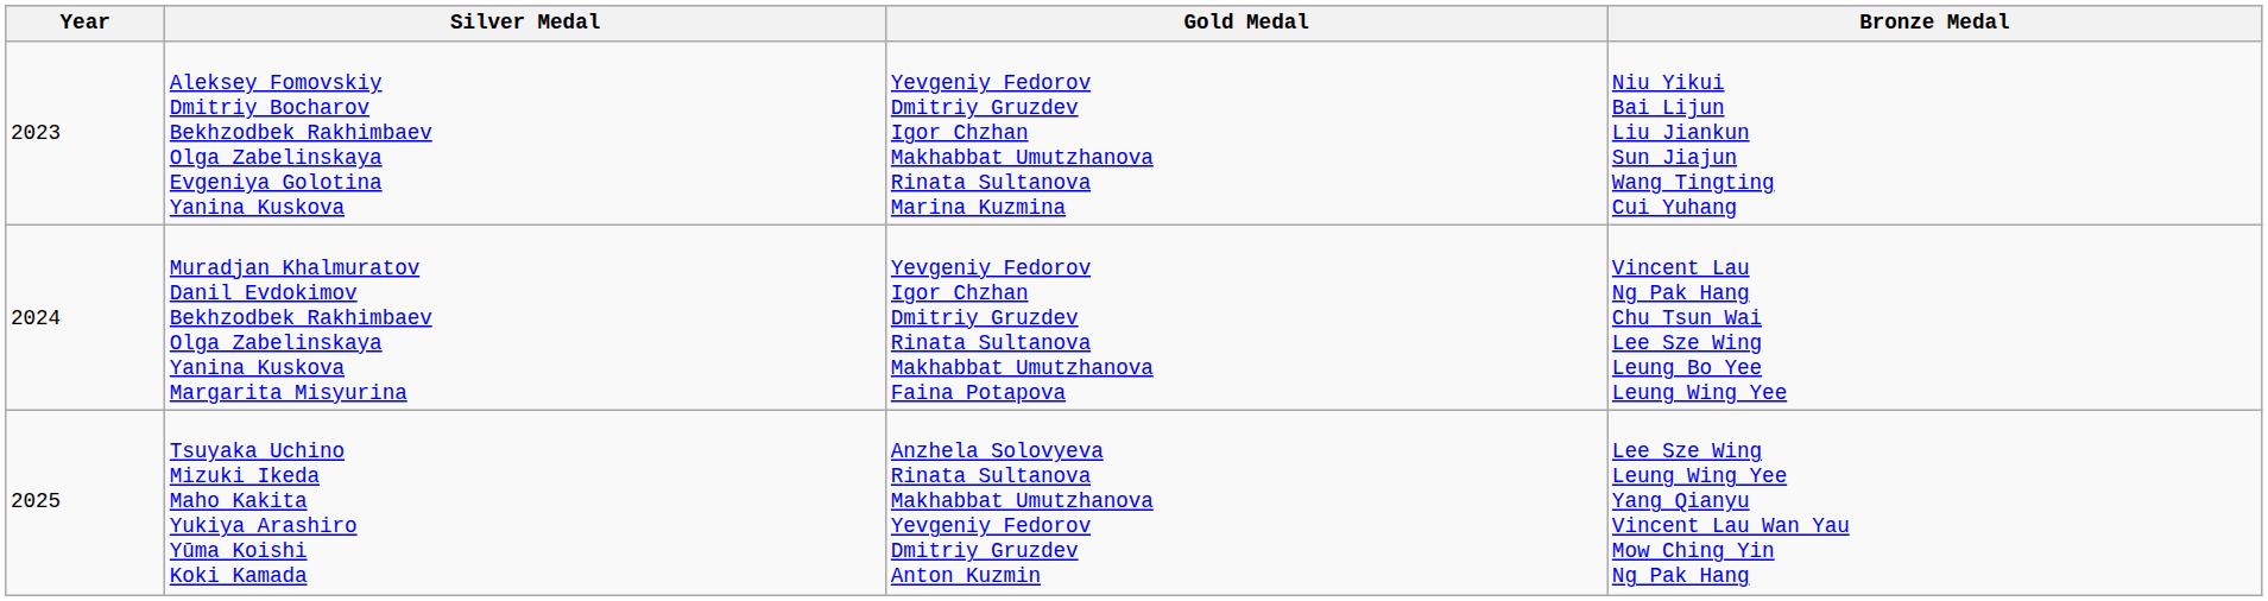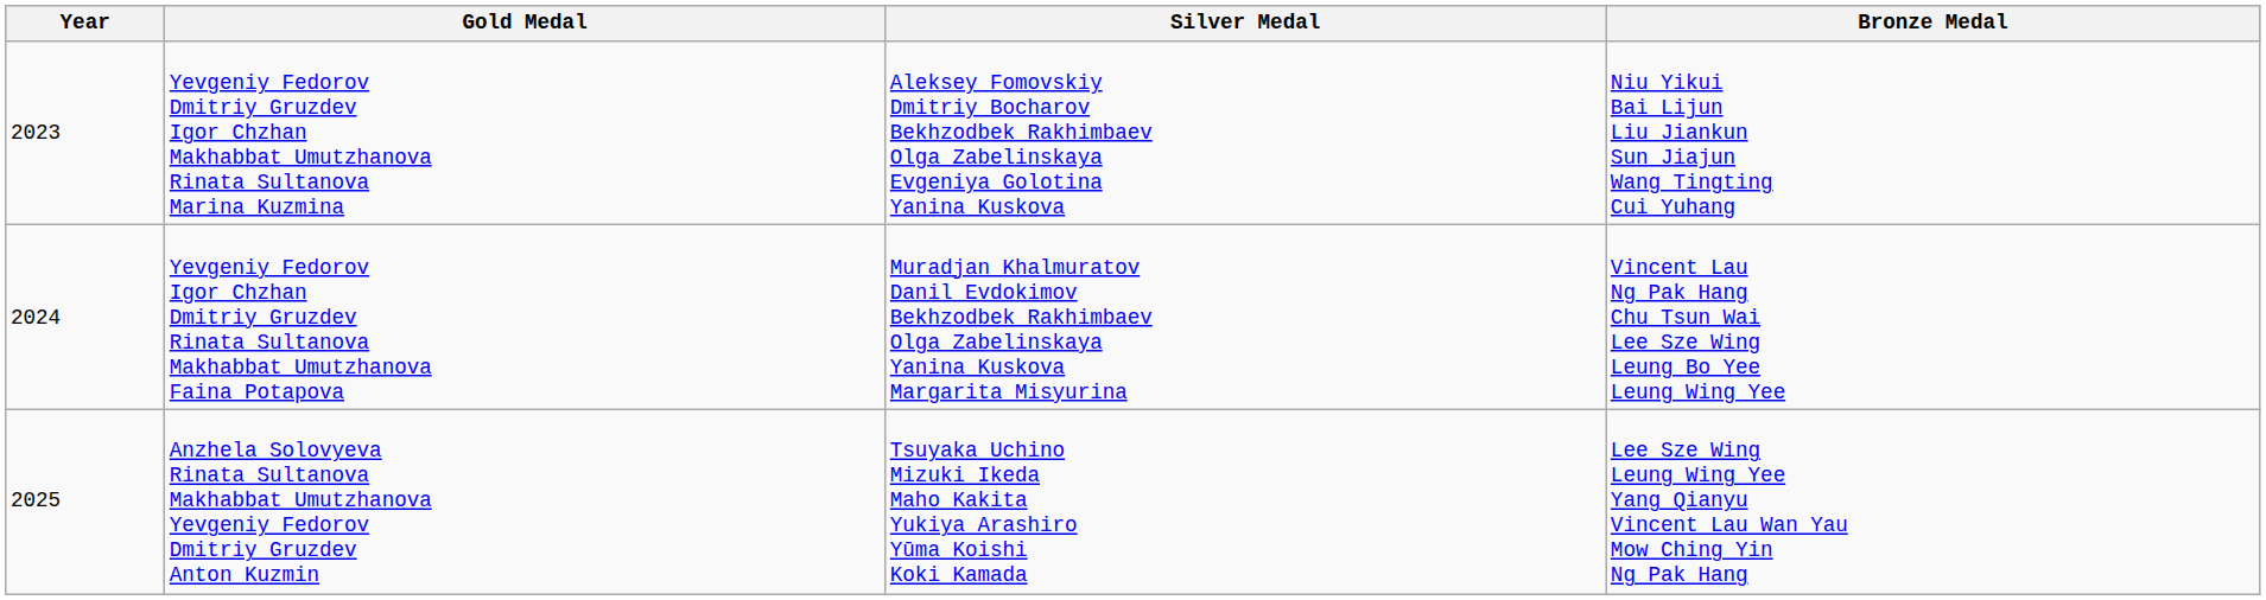 <table class=wikitable style="font-size:90%" width="80%">
 <tr style="background:#ccccff;">
 <th>Year</th>
+<th> <strong>Gold Medal</strong></th>
 <th> <strong>Silver Medal</strong></th>
-<th> <strong>Gold Medal</strong></th>
 <th> <strong>Bronze Medal</strong></th>
 </tr>
 <tr>
 <td>2023</td>
+<td><br><a href='#'>Yevgeniy Fedorov</a><br><a href='#'>Dmitriy Gruzdev</a><br><a href='#'>Igor Chzhan</a><br><a href='#'>Makhabbat Umutzhanova</a><br><a href='#'>Rinata Sultanova</a><br><a href='#'>Marina Kuzmina</a></td>
 <td><br><a href='#'>Aleksey Fomovskiy</a><br><a href='#'>Dmitriy Bocharov</a><br><a href='#'>Bekhzodbek Rakhimbaev</a><br><a href='#'>Olga Zabelinskaya</a><br><a href='#'>Evgeniya Golotina</a><br><a href='#'>Yanina Kuskova</a></td>
-<td><br><a href='#'>Yevgeniy Fedorov</a><br><a href='#'>Dmitriy Gruzdev</a><br><a href='#'>Igor Chzhan</a><br><a href='#'>Makhabbat Umutzhanova</a><br><a href='#'>Rinata Sultanova</a><br><a href='#'>Marina Kuzmina</a></td>
 <td><br><a href='#'>Niu Yikui</a><br><a href='#'>Bai Lijun</a><br><a href='#'>Liu Jiankun</a><br><a href='#'>Sun Jiajun</a><br><a href='#'>Wang Tingting</a><br><a href='#'>Cui Yuhang</a></td>
 </tr>
 <tr>
 <td>2024</td>
+<td><br><a href='#'>Yevgeniy Fedorov</a><br><a href='#'>Igor Chzhan</a><br><a href='#'>Dmitriy Gruzdev</a><br><a href='#'>Rinata Sultanova</a><br><a href='#'>Makhabbat Umutzhanova</a><br><a href='#'>Faina Potapova</a></td>
 <td><br><a href='#'>Muradjan Khalmuratov</a><br><a href='#'>Danil Evdokimov</a><br><a href='#'>Bekhzodbek Rakhimbaev</a><br><a href='#'>Olga Zabelinskaya</a><br><a href='#'>Yanina Kuskova</a><br><a href='#'>Margarita Misyurina</a></td>
-<td><br><a href='#'>Yevgeniy Fedorov</a><br><a href='#'>Igor Chzhan</a><br><a href='#'>Dmitriy Gruzdev</a><br><a href='#'>Rinata Sultanova</a><br><a href='#'>Makhabbat Umutzhanova</a><br><a href='#'>Faina Potapova</a></td>
 <td><br><a href='#'>Vincent Lau</a><br><a href='#'>Ng Pak Hang</a><br><a href='#'>Chu Tsun Wai</a><br><a href='#'>Lee Sze Wing</a><br><a href='#'>Leung Bo Yee</a><br><a href='#'>Leung Wing Yee</a></td>
 </tr>
 <tr>
 <td>2025</td>
+<td><br><a href='#'>Anzhela Solovyeva</a><br><a href='#'>Rinata Sultanova</a><br><a href='#'>Makhabbat Umutzhanova</a><br><a href='#'>Yevgeniy Fedorov</a><br><a href='#'>Dmitriy Gruzdev</a><br><a href='#'>Anton Kuzmin</a></td>
 <td><br><a href='#'>Tsuyaka Uchino</a><br><a href='#'>Mizuki Ikeda</a><br><a href='#'>Maho Kakita</a><br><a href='#'>Yukiya Arashiro</a><br><a href='#'>Yūma Koishi</a><br><a href='#'>Koki Kamada</a></td>
-<td><br><a href='#'>Anzhela Solovyeva</a><br><a href='#'>Rinata Sultanova</a><br><a href='#'>Makhabbat Umutzhanova</a><br><a href='#'>Yevgeniy Fedorov</a><br><a href='#'>Dmitriy Gruzdev</a><br><a href='#'>Anton Kuzmin</a></td>
 <td><br><a href='#'>Lee Sze Wing</a><br><a href='#'>Leung Wing Yee</a><br><a href='#'>Yang Qianyu</a><br><a href='#'>Vincent Lau Wan Yau</a><br><a href='#'>Mow Ching Yin</a><br><a href='#'>Ng Pak Hang</a></td>
 </tr>
 </table>
